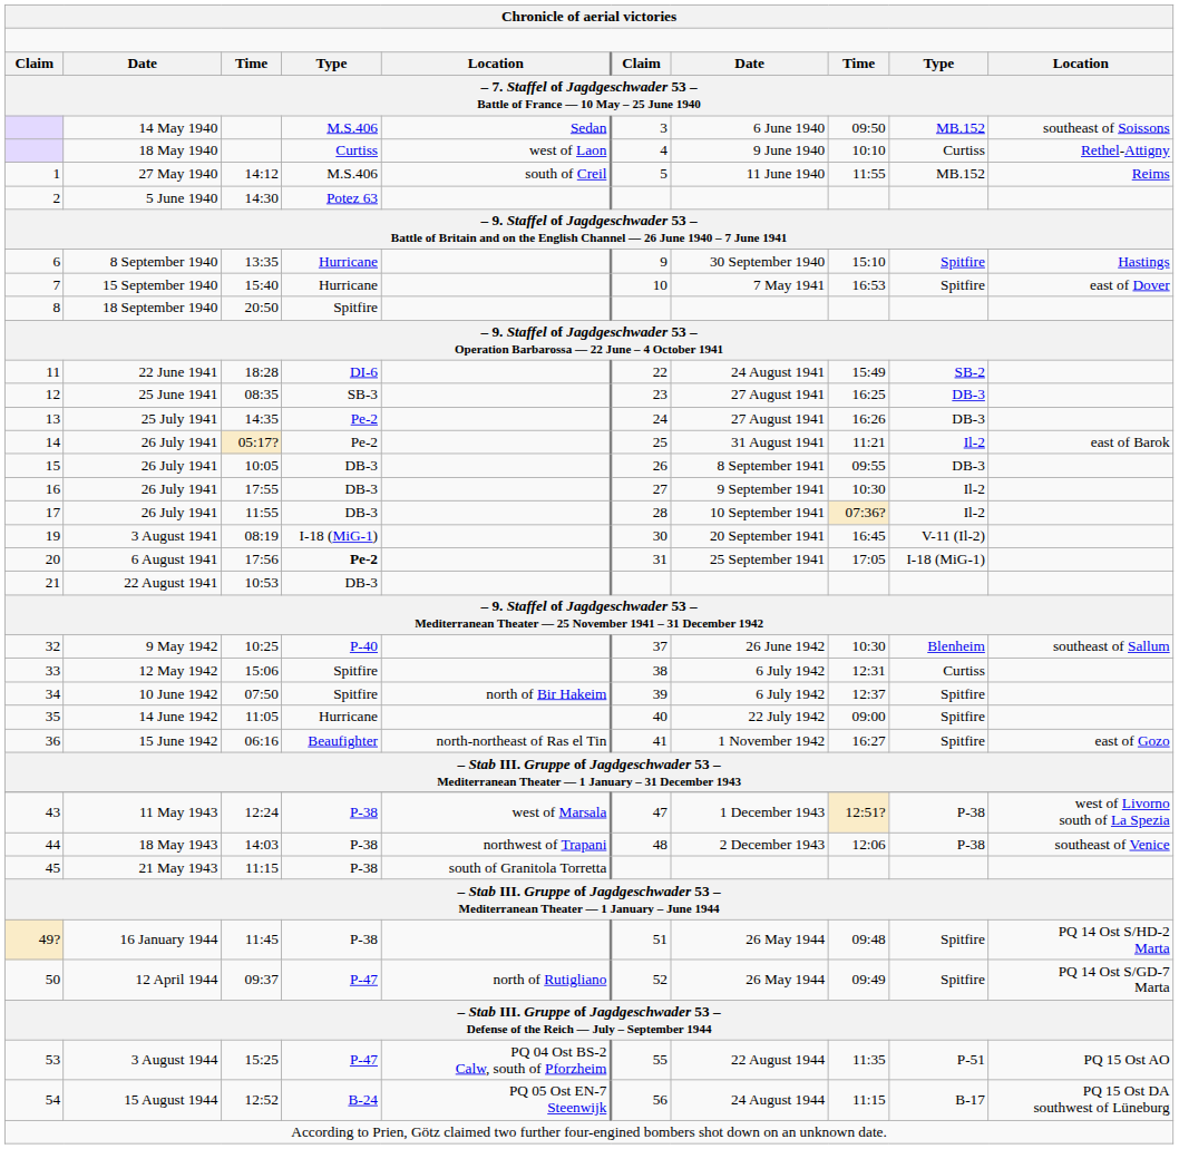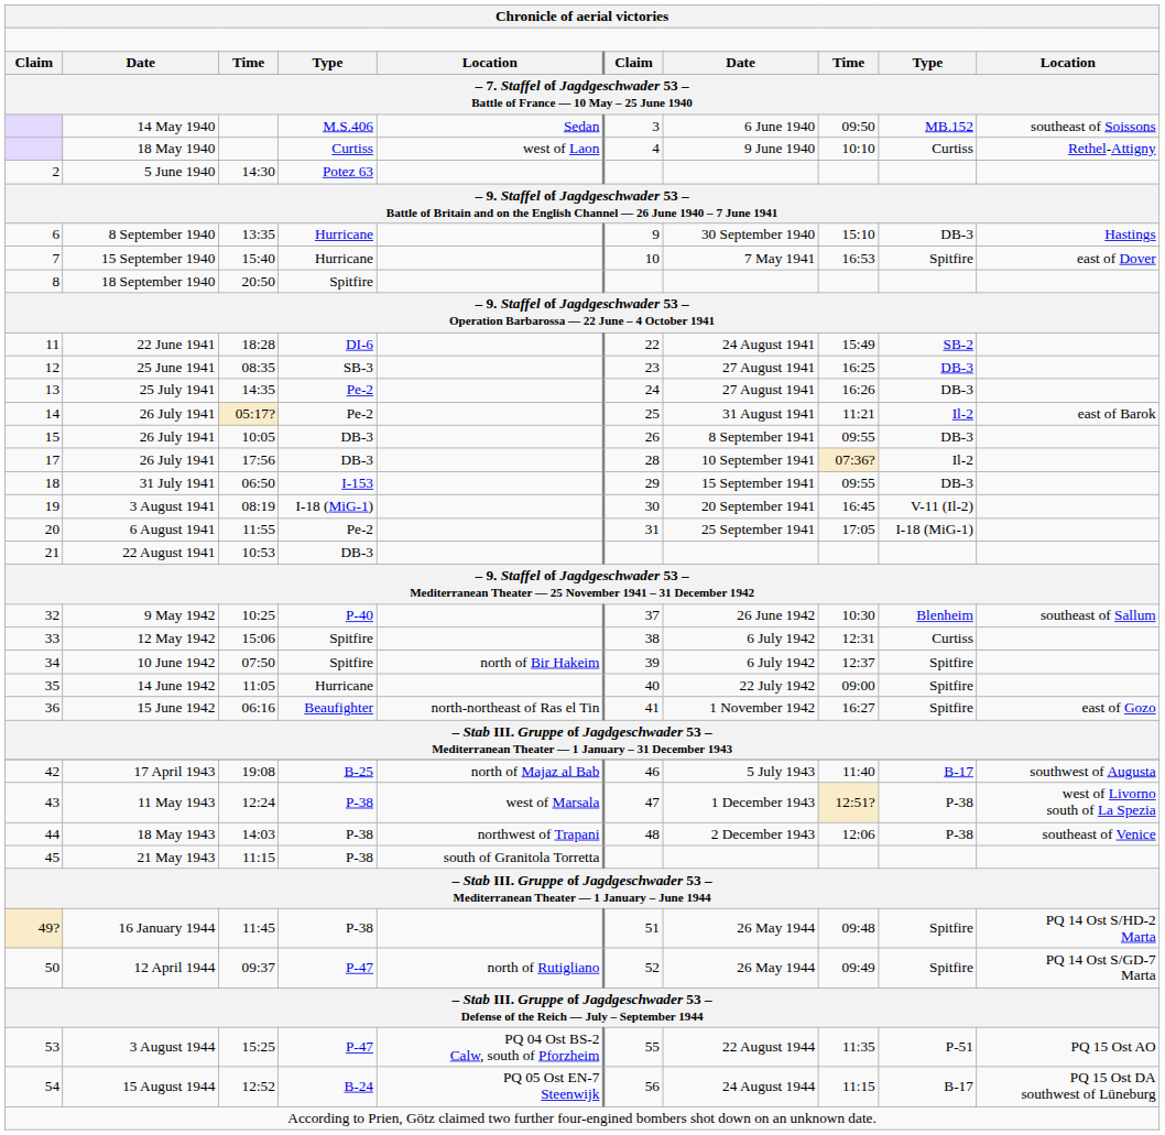 <table class="wikitable plainrowheaders collapsible" style="margin-left: auto; margin-right: auto; border: none; text-align:right; width: 100%;">
 <tr>
 <th colspan="10">Chronicle of aerial victories</th>
 </tr>
 <tr>
 <td colspan="10" style="text-align: left;"><br> </td>
 </tr>
 <tr>
 <th scope="col">Claim</th>
 <th scope="col">Date</th>
 <th scope="col">Time</th>
 <th scope="col" width="100px">Type</th>
 <th scope="col">Location</th>
 <th scope="col" style="border-left: 3px solid grey;">Claim</th>
 <th scope="col">Date</th>
 <th scope="col">Time</th>
 <th scope="col" width="100px">Type</th>
 <th scope="col">Location</th>
 </tr>
 <tr>
 <th colspan="10">– 7. <em>Staffel</em> of <em>Jagdgeschwader</em> 53 –<br><small>Battle of France — 10 May – 25 June 1940</small></th>
 </tr>
 <tr>
 <td style="background:#e3d9ff;"></td>
 <td>14 May 1940</td>
 <td></td>
 <td><a href='#'>M.S.406</a></td>
 <td><a href='#'>Sedan</a></td>
 <td style="border-left: 3px solid grey;">3</td>
 <td>6 June 1940</td>
 <td>09:50</td>
 <td><a href='#'>MB.152</a></td>
 <td>southeast of <a href='#'>Soissons</a></td>
 </tr>
 <tr>
 <td style="background:#e3d9ff;"></td>
 <td>18 May 1940</td>
 <td></td>
 <td><a href='#'>Curtiss</a></td>
 <td>west of <a href='#'>Laon</a></td>
 <td style="border-left: 3px solid grey;">4</td>
 <td>9 June 1940</td>
 <td>10:10</td>
 <td>Curtiss</td>
 <td><a href='#'>Rethel</a>-<a href='#'>Attigny</a></td>
 </tr>
 <tr>
-<td>1</td>
-<td>27 May 1940</td>
-<td>14:12</td>
-<td>M.S.406</td>
-<td> south of <a href='#'>Creil</a></td>
-<td style="border-left: 3px solid grey;">5</td>
-<td>11 June 1940</td>
-<td>11:55</td>
-<td>MB.152</td>
-<td><a href='#'>Reims</a></td>
-</tr>
-<tr>
 <td>2</td>
 <td>5 June 1940</td>
 <td>14:30</td>
 <td><a href='#'>Potez 63</a></td>
 <td></td>
 <td style="border-left: 3px solid grey;"></td>
 <td></td>
 <td></td>
 <td></td>
 <td></td>
 </tr>
 <tr>
 <th colspan="10">– 9. <em>Staffel</em> of <em>Jagdgeschwader</em> 53 –<br><small>Battle of Britain and on the English Channel — 26 June 1940 – 7 June 1941</small></th>
 </tr>
 <tr>
 <td>6</td>
 <td>8 September 1940</td>
 <td>13:35</td>
 <td><a href='#'>Hurricane</a></td>
 <td></td>
 <td style="border-left: 3px solid grey;">9</td>
 <td>30 September 1940</td>
 <td>15:10</td>
-<td><a href='#'>Spitfire</a></td>
+<td>DB-3</td>
 <td><a href='#'>Hastings</a></td>
 </tr>
 <tr>
 <td>7</td>
 <td>15 September 1940</td>
 <td>15:40</td>
 <td>Hurricane</td>
 <td></td>
 <td style="border-left: 3px solid grey;">10</td>
 <td>7 May 1941</td>
 <td>16:53</td>
 <td>Spitfire</td>
 <td>east of <a href='#'>Dover</a></td>
 </tr>
 <tr>
 <td>8</td>
 <td>18 September 1940</td>
 <td>20:50</td>
 <td>Spitfire</td>
 <td></td>
 <td style="border-left: 3px solid grey;"></td>
 <td></td>
 <td></td>
 <td></td>
 <td></td>
 </tr>
 <tr>
 <th colspan="10">– 9. <em>Staffel</em> of <em>Jagdgeschwader</em> 53 –<br><small>Operation Barbarossa — 22 June – 4 October 1941</small></th>
 </tr>
 <tr>
 <td>11</td>
 <td>22 June 1941</td>
 <td>18:28</td>
 <td><a href='#'>DI-6</a></td>
 <td></td>
 <td style="border-left: 3px solid grey;">22</td>
 <td>24 August 1941</td>
 <td>15:49</td>
 <td><a href='#'>SB-2</a></td>
 <td></td>
 </tr>
 <tr>
 <td>12</td>
 <td>25 June 1941</td>
 <td>08:35</td>
 <td>SB-3</td>
 <td></td>
 <td style="border-left: 3px solid grey;">23</td>
 <td>27 August 1941</td>
 <td>16:25</td>
 <td><a href='#'>DB-3</a></td>
 <td></td>
 </tr>
 <tr>
 <td>13</td>
 <td>25 July 1941</td>
 <td>14:35</td>
 <td><a href='#'>Pe-2</a></td>
 <td></td>
 <td style="border-left: 3px solid grey;">24</td>
 <td>27 August 1941</td>
 <td>16:26</td>
 <td>DB-3</td>
 <td></td>
 </tr>
 <tr>
 <td>14</td>
 <td>26 July 1941</td>
 <td style="background:#faecc8">05:17?</td>
 <td>Pe-2</td>
 <td></td>
 <td style="border-left: 3px solid grey;">25</td>
 <td>31 August 1941</td>
 <td>11:21</td>
 <td><a href='#'>Il-2</a></td>
 <td>east of Barok</td>
 </tr>
 <tr>
 <td>15</td>
 <td>26 July 1941</td>
 <td>10:05</td>
 <td>DB-3</td>
 <td></td>
 <td style="border-left: 3px solid grey;">26</td>
 <td>8 September 1941</td>
 <td>09:55</td>
 <td>DB-3</td>
 <td></td>
 </tr>
 <tr>
-<td>16</td>
-<td>26 July 1941</td>
-<td>17:55</td>
-<td>DB-3</td>
-<td></td>
-<td style="border-left: 3px solid grey;">27</td>
-<td>9 September 1941</td>
-<td>10:30</td>
-<td>Il-2</td>
-<td></td>
-</tr>
-<tr>
 <td>17</td>
 <td>26 July 1941</td>
-<td>11:55</td>
+<td>17:56</td>
 <td>DB-3</td>
 <td></td>
 <td style="border-left: 3px solid grey;">28</td>
 <td>10 September 1941</td>
 <td style="background:#faecc8">07:36?</td>
 <td>Il-2</td>
+<td></td>
+</tr>
+<tr>
+<td>18</td>
+<td>31 July 1941</td>
+<td>06:50</td>
+<td><a href='#'>I-153</a></td>
+<td></td>
+<td style="border-left: 3px solid grey;">29</td>
+<td>15 September 1941</td>
+<td>09:55</td>
+<td>DB-3</td>
 <td></td>
 </tr>
 <tr>
 <td>19</td>
 <td>3 August 1941</td>
 <td>08:19</td>
 <td>I-18 (<a href='#'>MiG-1</a>)</td>
 <td></td>
 <td style="border-left: 3px solid grey;">30</td>
 <td>20 September 1941</td>
 <td>16:45</td>
 <td>V-11 (Il-2)</td>
 <td></td>
 </tr>
 <tr>
 <td>20</td>
 <td>6 August 1941</td>
-<td>17:56</td>
-<td><strong>Pe-2</strong></td>
+<td>11:55</td>
+<td>Pe-2</td>
 <td></td>
 <td style="border-left: 3px solid grey;">31</td>
 <td>25 September 1941</td>
 <td>17:05</td>
 <td>I-18 (MiG-1)</td>
 <td></td>
 </tr>
 <tr>
 <td>21</td>
 <td>22 August 1941</td>
 <td>10:53</td>
 <td>DB-3</td>
 <td></td>
 <td style="border-left: 3px solid grey;"></td>
 <td></td>
 <td></td>
 <td></td>
 <td></td>
 </tr>
 <tr>
 <th colspan="10">– 9. <em>Staffel</em> of <em>Jagdgeschwader</em> 53 –<br><small>Mediterranean Theater — 25 November 1941 – 31 December 1942</small></th>
 </tr>
 <tr>
 <td>32</td>
 <td>9 May 1942</td>
 <td>10:25</td>
 <td><a href='#'>P-40</a></td>
 <td></td>
 <td style="border-left: 3px solid grey;">37</td>
 <td>26 June 1942</td>
 <td>10:30</td>
 <td><a href='#'>Blenheim</a></td>
 <td> southeast of <a href='#'>Sallum</a></td>
 </tr>
 <tr>
 <td>33</td>
 <td>12 May 1942</td>
 <td>15:06</td>
 <td>Spitfire</td>
 <td></td>
 <td style="border-left: 3px solid grey;">38</td>
 <td>6 July 1942</td>
 <td>12:31</td>
 <td>Curtiss</td>
 <td></td>
 </tr>
 <tr>
 <td>34</td>
 <td>10 June 1942</td>
 <td>07:50</td>
 <td>Spitfire</td>
 <td>north of <a href='#'>Bir Hakeim</a></td>
 <td style="border-left: 3px solid grey;">39</td>
 <td>6 July 1942</td>
 <td>12:37</td>
 <td>Spitfire</td>
 <td></td>
 </tr>
 <tr>
 <td>35</td>
 <td>14 June 1942</td>
 <td>11:05</td>
 <td>Hurricane</td>
 <td></td>
 <td style="border-left: 3px solid grey;">40</td>
 <td>22 July 1942</td>
 <td>09:00</td>
 <td>Spitfire</td>
 <td></td>
 </tr>
 <tr>
 <td>36</td>
 <td>15 June 1942</td>
 <td>06:16</td>
 <td><a href='#'>Beaufighter</a></td>
 <td> north-northeast of Ras el Tin</td>
 <td style="border-left: 3px solid grey;">41</td>
 <td>1 November 1942</td>
 <td>16:27</td>
 <td>Spitfire</td>
 <td> east of <a href='#'>Gozo</a></td>
 </tr>
 <tr>
 <th colspan="10">– <em>Stab</em> III. <em>Gruppe</em> of <em>Jagdgeschwader</em> 53 –<br><small>Mediterranean Theater — 1 January – 31 December 1943</small></th>
 </tr>
 <tr>
+</tr>
+<tr>
+<td>42</td>
+<td>17 April 1943</td>
+<td>19:08</td>
+<td><a href='#'>B-25</a></td>
+<td> north of <a href='#'>Majaz al Bab</a></td>
+<td style="border-left: 3px solid grey;">46</td>
+<td>5 July 1943</td>
+<td>11:40</td>
+<td><a href='#'>B-17</a></td>
+<td> southwest of <a href='#'>Augusta</a></td>
 </tr>
 <tr>
 <td>43</td>
 <td>11 May 1943</td>
 <td>12:24</td>
 <td><a href='#'>P-38</a></td>
 <td> west of <a href='#'>Marsala</a></td>
 <td style="border-left: 3px solid grey;">47</td>
 <td>1 December 1943</td>
 <td style="background:#faecc8">12:51?</td>
 <td>P-38</td>
 <td> west of <a href='#'>Livorno</a><br> south of <a href='#'>La Spezia</a></td>
 </tr>
 <tr>
 <td>44</td>
 <td>18 May 1943</td>
 <td>14:03</td>
 <td>P-38</td>
 <td> northwest of <a href='#'>Trapani</a></td>
 <td style="border-left: 3px solid grey;">48</td>
 <td>2 December 1943</td>
 <td>12:06</td>
 <td>P-38</td>
 <td> southeast of <a href='#'>Venice</a></td>
 </tr>
 <tr>
 <td>45</td>
 <td>21 May 1943</td>
 <td>11:15</td>
 <td>P-38</td>
 <td> south of Granitola Torretta</td>
 <td style="border-left: 3px solid grey;"></td>
 <td></td>
 <td></td>
 <td></td>
 <td></td>
 </tr>
 <tr>
 <th colspan="10">– <em>Stab</em> III. <em>Gruppe</em> of <em>Jagdgeschwader</em> 53 –<br><small>Mediterranean Theater — 1 January – June 1944</small></th>
 </tr>
 <tr>
 <td style="background:#faecc8">49?</td>
 <td>16 January 1944</td>
 <td>11:45</td>
 <td>P-38</td>
 <td></td>
 <td style="border-left: 3px solid grey;">51</td>
 <td>26 May 1944</td>
 <td>09:48</td>
 <td>Spitfire</td>
 <td>PQ 14 Ost S/HD-2<br><a href='#'>Marta</a></td>
 </tr>
 <tr>
 <td>50</td>
 <td>12 April 1944</td>
 <td>09:37</td>
 <td><a href='#'>P-47</a></td>
 <td>north of <a href='#'>Rutigliano</a></td>
 <td style="border-left: 3px solid grey;">52</td>
 <td>26 May 1944</td>
 <td>09:49</td>
 <td>Spitfire</td>
 <td>PQ 14 Ost S/GD-7<br>Marta</td>
 </tr>
 <tr>
 <th colspan="10">– <em>Stab</em> III. <em>Gruppe</em> of <em>Jagdgeschwader</em> 53 –<br><small>Defense of the Reich — July – September 1944</small></th>
 </tr>
 <tr>
 <td>53</td>
 <td>3 August 1944</td>
 <td>15:25</td>
 <td><a href='#'>P-47</a></td>
 <td>PQ 04 Ost BS-2<br><a href='#'>Calw</a>, south of <a href='#'>Pforzheim</a></td>
 <td style="border-left: 3px solid grey;">55</td>
 <td>22 August 1944</td>
 <td>11:35</td>
 <td>P-51</td>
 <td>PQ 15 Ost AO</td>
 </tr>
 <tr>
 <td>54</td>
 <td>15 August 1944</td>
 <td>12:52</td>
 <td><a href='#'>B-24</a></td>
 <td>PQ 05 Ost EN-7<br><a href='#'>Steenwijk</a></td>
 <td style="border-left: 3px solid grey;">56</td>
 <td>24 August 1944</td>
 <td>11:15</td>
 <td>B-17</td>
 <td>PQ 15 Ost DA<br>southwest of Lüneburg</td>
 </tr>
 <tr>
 <td colspan="10" style="text-align: center">According to Prien, Götz claimed two further four-engined bombers shot down on an unknown date.</td>
 </tr>
 </table>
